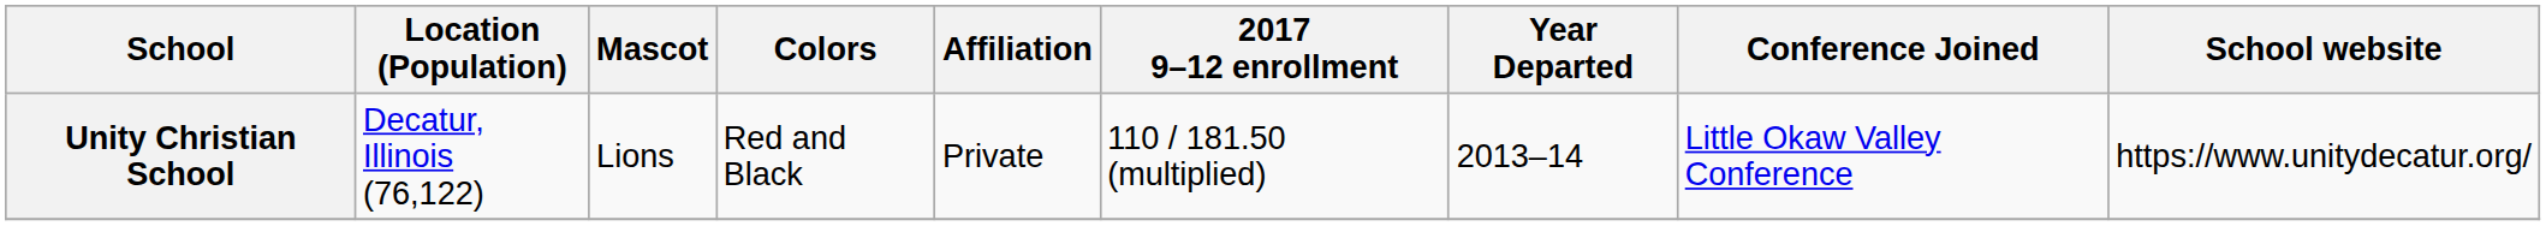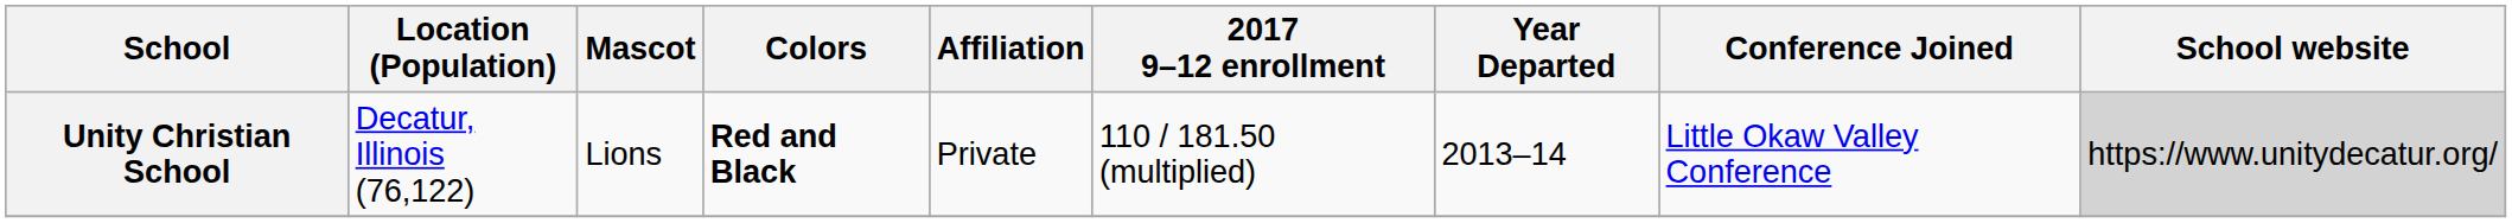 <table class="wikitable plainrowheaders">
 <tr>
 <th scope="col">School</th>
 <th scope="col">Location<br>(Population)</th>
 <th scope="col">Mascot</th>
 <th scope="col">Colors</th>
 <th scope="col">Affiliation</th>
 <th scope="col">2017<br>9–12 enrollment</th>
 <th>Year Departed</th>
 <th>Conference Joined</th>
 <th scope="col">School website</th>
 </tr>
 <tr>
 <th scope="row">Unity Christian School</th>
 <td><a href='#'>Decatur, Illinois</a><br>(76,122)</td>
 <td>Lions</td>
-<td>Red and Black<br> </td>
+<td><strong>Red and Black<br> </strong></td>
 <td>Private</td>
 <td>110 / 181.50 (multiplied)</td>
 <td>2013–14</td>
 <td><a href='#'>Little Okaw Valley Conference</a></td>
-<td>https://www.unitydecatur.org/</td>
+<td style="background: lightgrey;">https://www.unitydecatur.org/</td>
 </tr>
 <tr>
 </tr>
 </table>
